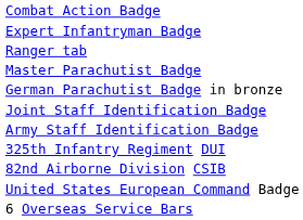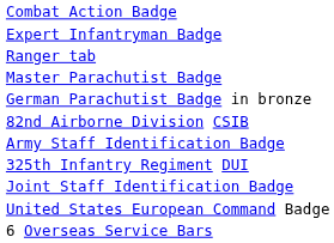 <table>
 <tr>
 <td>  <a href='#'>Combat Action Badge</a></td>
 </tr>
 <tr>
 <td>  <a href='#'>Expert Infantryman Badge</a></td>
 </tr>
 <tr>
 <td>  <a href='#'>Ranger tab</a></td>
 </tr>
 <tr>
 <td>  <a href='#'>Master Parachutist Badge</a></td>
 </tr>
 <tr>
 <td>  <a href='#'>German Parachutist Badge</a> in bronze</td>
 </tr>
 <tr>
-<td>  <a href='#'>Joint Staff Identification Badge</a></td>
+<td>  <a href='#'>82nd Airborne Division</a> <a href='#'>CSIB</a></td>
 </tr>
 <tr>
 <td>  <a href='#'>Army Staff Identification Badge</a></td>
 </tr>
 <tr>
 <td>  <a href='#'>325th Infantry Regiment</a> <a href='#'>DUI</a></td>
 </tr>
 <tr>
-<td>  <a href='#'>82nd Airborne Division</a> <a href='#'>CSIB</a></td>
+<td>  <a href='#'>Joint Staff Identification Badge</a></td>
 </tr>
 <tr>
 <td>  <a href='#'>United States European Command</a> Badge</td>
 </tr>
 <tr>
 <td>  6 <a href='#'>Overseas Service Bars</a></td>
 </tr>
 </table>
